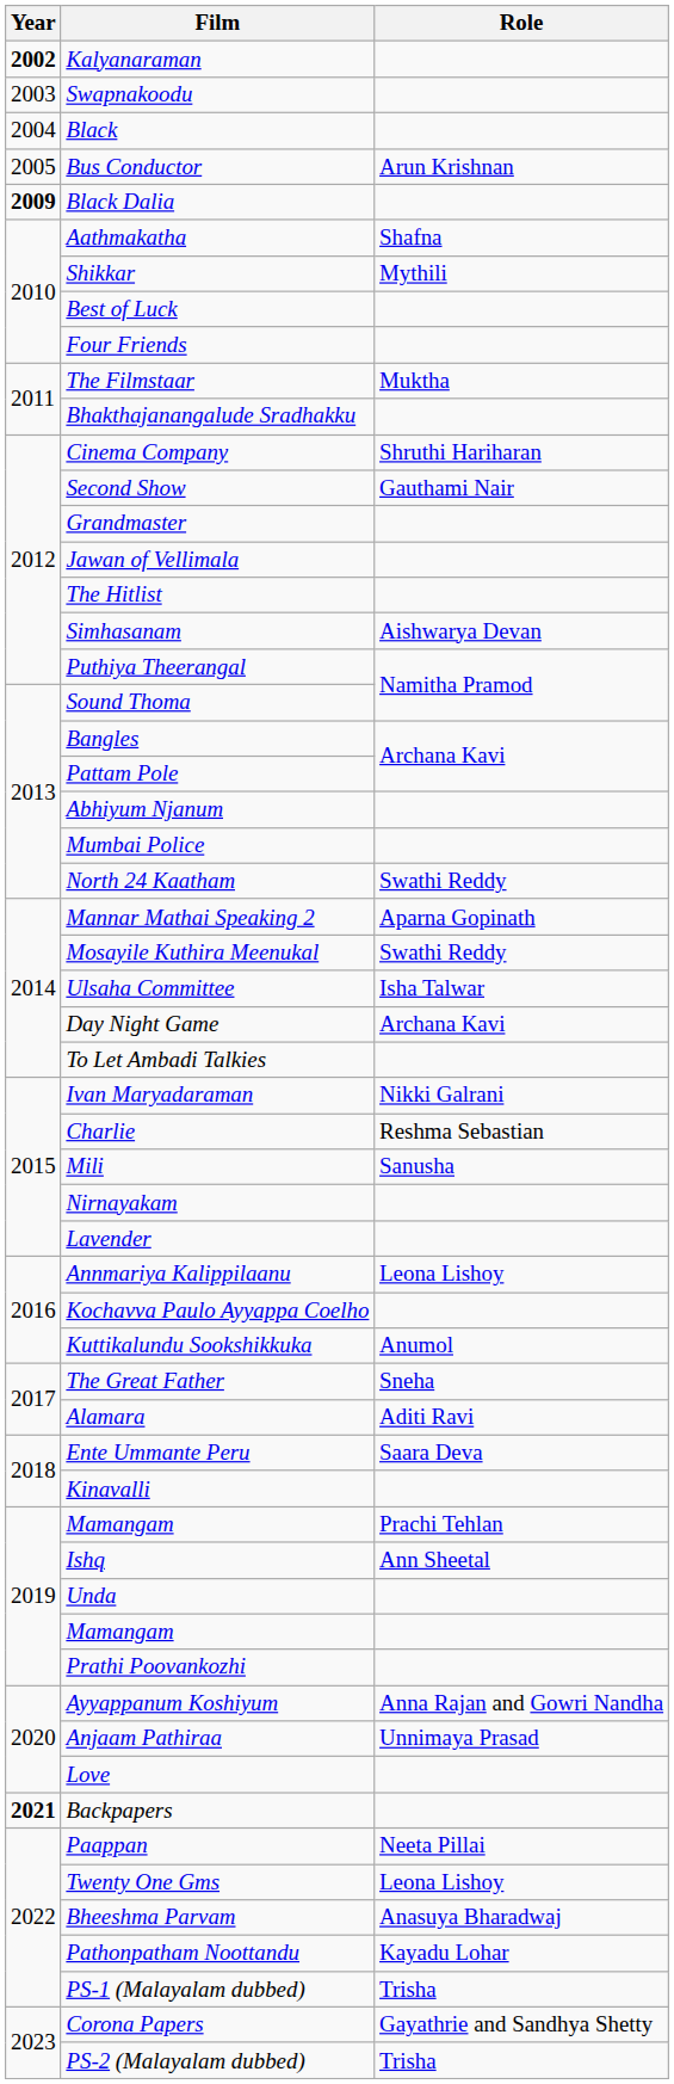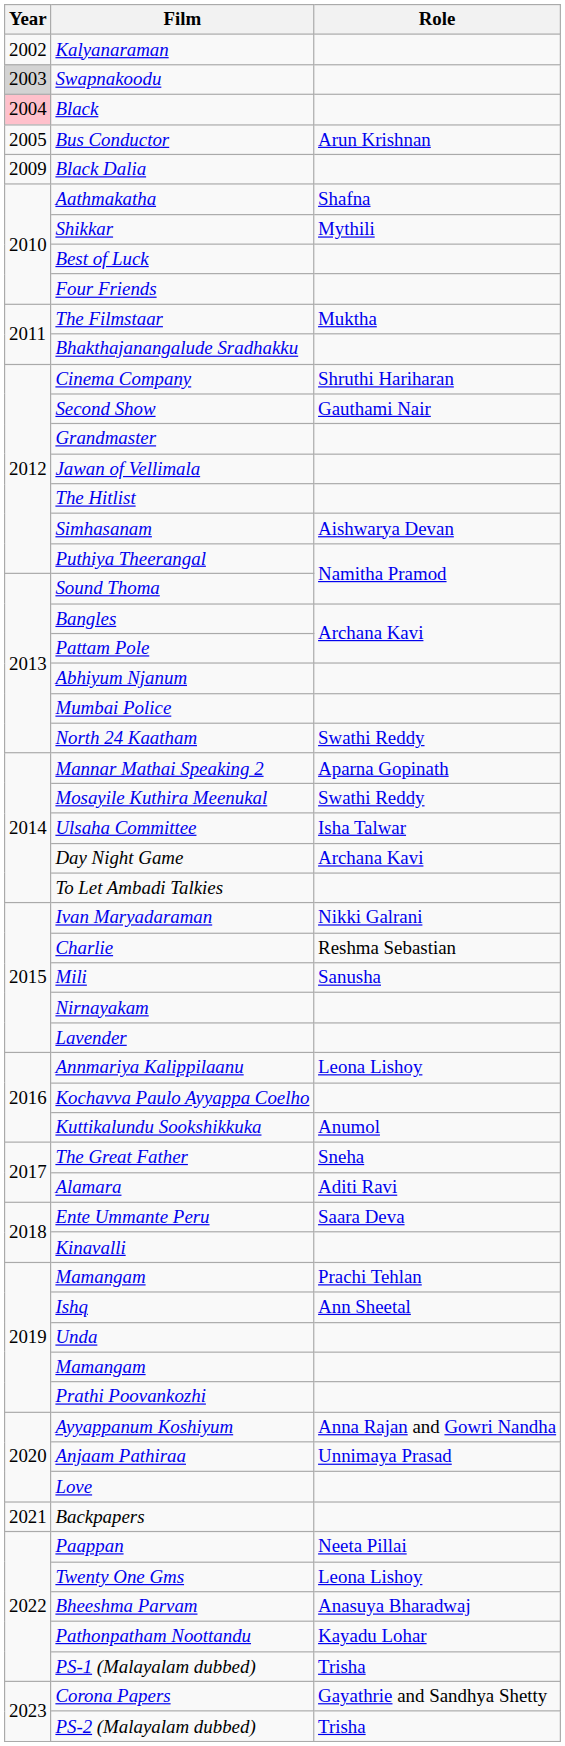 <table class="wikitable">
 <tr>
 <th>Year</th>
 <th>Film</th>
 <th>Role</th>
 </tr>
 <tr>
-<td><strong>2002</strong></td>
+<td>2002</td>
 <td><em><a href='#'>Kalyanaraman</a></em></td>
 <td></td>
 </tr>
 <tr>
-<td>2003</td>
+<td style="background: lightgrey;">2003</td>
 <td><em><a href='#'>Swapnakoodu</a></em></td>
 <td></td>
 </tr>
 <tr>
-<td>2004</td>
+<td style="background: pink;">2004</td>
 <td><em><a href='#'>Black</a></em></td>
 <td></td>
 </tr>
 <tr>
 <td>2005</td>
 <td><em><a href='#'>Bus Conductor</a></em></td>
 <td><a href='#'>Arun Krishnan</a></td>
 </tr>
 <tr>
-<td><strong>2009</strong></td>
+<td>2009</td>
 <td><em><a href='#'>Black Dalia</a></em></td>
 <td></td>
 </tr>
 <tr>
 <td rowspan=4>2010</td>
 <td><em><a href='#'>Aathmakatha</a></em></td>
 <td><a href='#'>Shafna</a></td>
 </tr>
 <tr>
 <td><em><a href='#'>Shikkar</a></em></td>
 <td><a href='#'>Mythili</a></td>
 </tr>
 <tr>
 <td><em><a href='#'>Best of Luck</a></em></td>
 <td></td>
 </tr>
 <tr>
 <td><em><a href='#'>Four Friends</a></em></td>
 <td></td>
 </tr>
 <tr>
 <td rowspan=2>2011</td>
 <td><em><a href='#'>The Filmstaar</a></em></td>
 <td><a href='#'>Muktha</a></td>
 </tr>
 <tr>
 <td><em><a href='#'>Bhakthajanangalude Sradhakku</a></em></td>
 <td></td>
 </tr>
 <tr>
 <td rowspan=7>2012</td>
 <td><em><a href='#'>Cinema Company</a></em></td>
 <td><a href='#'>Shruthi Hariharan</a></td>
 </tr>
 <tr>
 <td><em><a href='#'>Second Show</a></em></td>
 <td><a href='#'>Gauthami Nair</a></td>
 </tr>
 <tr>
 <td><em><a href='#'>Grandmaster</a></em></td>
 <td></td>
 </tr>
 <tr>
 <td><em><a href='#'>Jawan of Vellimala</a></em></td>
 <td></td>
 </tr>
 <tr>
 <td><em><a href='#'>The Hitlist</a></em></td>
 <td></td>
 </tr>
 <tr>
 <td><em><a href='#'>Simhasanam</a></em></td>
 <td><a href='#'>Aishwarya Devan</a></td>
 </tr>
 <tr>
 <td><em><a href='#'>Puthiya Theerangal</a> </em></td>
 <td rowspan='2'><a href='#'>Namitha Pramod</a></td>
 </tr>
 <tr>
 <td rowspan=6>2013</td>
 <td><em><a href='#'>Sound Thoma</a></em></td>
 </tr>
 <tr>
 <td><em><a href='#'>Bangles</a></em></td>
 <td rowspan='2'><a href='#'>Archana Kavi</a></td>
 </tr>
 <tr>
 <td><em><a href='#'>Pattam Pole</a></em></td>
 </tr>
 <tr>
 <td><em><a href='#'>Abhiyum Njanum</a></em></td>
 <td></td>
 </tr>
 <tr>
 <td><em><a href='#'>Mumbai Police</a></em></td>
 <td></td>
 </tr>
 <tr>
 <td><em><a href='#'>North 24 Kaatham</a></em></td>
 <td><a href='#'>Swathi Reddy</a></td>
 </tr>
 <tr>
 <td rowspan=5>2014</td>
 <td><em><a href='#'>Mannar Mathai Speaking 2</a></em></td>
 <td><a href='#'>Aparna Gopinath</a></td>
 </tr>
 <tr>
 <td><em><a href='#'>Mosayile Kuthira Meenukal</a></em></td>
 <td><a href='#'>Swathi Reddy</a></td>
 </tr>
 <tr>
 <td><em><a href='#'>Ulsaha Committee</a></em></td>
 <td><a href='#'>Isha Talwar</a></td>
 </tr>
 <tr>
 <td><em>Day Night Game</em></td>
 <td><a href='#'>Archana Kavi</a></td>
 </tr>
 <tr>
 <td><em>To Let Ambadi Talkies</em></td>
 <td></td>
 </tr>
 <tr>
 <td rowspan=5>2015</td>
 <td><em><a href='#'>Ivan Maryadaraman</a></em></td>
 <td><a href='#'>Nikki Galrani</a></td>
 </tr>
 <tr>
 <td><em><a href='#'>Charlie</a></em></td>
 <td>Reshma Sebastian</td>
 </tr>
 <tr>
 <td><em><a href='#'>Mili</a></em></td>
 <td><a href='#'>Sanusha</a></td>
 </tr>
 <tr>
 <td><em><a href='#'>Nirnayakam</a></em></td>
 <td></td>
 </tr>
 <tr>
 <td><em><a href='#'>Lavender</a></em></td>
 <td></td>
 </tr>
 <tr>
 <td rowspan=3>2016</td>
 <td><em><a href='#'>Annmariya Kalippilaanu</a></em></td>
 <td><a href='#'>Leona Lishoy</a></td>
 </tr>
 <tr>
 <td><em><a href='#'>Kochavva Paulo Ayyappa Coelho</a></em></td>
 <td></td>
 </tr>
 <tr>
 <td><em><a href='#'>Kuttikalundu Sookshikkuka</a></em></td>
 <td><a href='#'>Anumol</a></td>
 </tr>
 <tr>
 <td rowspan=2>2017</td>
 <td><em><a href='#'>The Great Father</a></em></td>
 <td><a href='#'>Sneha</a></td>
 </tr>
 <tr>
 <td><em><a href='#'>Alamara</a></em></td>
 <td><a href='#'>Aditi Ravi</a></td>
 </tr>
 <tr>
 <td rowspan=2>2018</td>
 <td><em><a href='#'>Ente Ummante Peru</a></em></td>
 <td><a href='#'>Saara Deva</a></td>
 </tr>
 <tr>
 <td><em><a href='#'>Kinavalli</a></em></td>
 <td></td>
 </tr>
 <tr>
 <td rowspan=5>2019</td>
 <td><em><a href='#'>Mamangam</a></em></td>
 <td><a href='#'>Prachi Tehlan</a></td>
 </tr>
 <tr>
 <td><em><a href='#'>Ishq</a></em></td>
 <td><a href='#'>Ann Sheetal</a></td>
 </tr>
 <tr>
 <td><em><a href='#'>Unda</a></em></td>
 <td></td>
 </tr>
 <tr>
 <td><em><a href='#'>Mamangam</a></em></td>
 <td></td>
 </tr>
 <tr>
 <td><em><a href='#'>Prathi Poovankozhi</a></em></td>
 <td></td>
 </tr>
 <tr>
 <td rowspan=3>2020</td>
 <td><em><a href='#'>Ayyappanum Koshiyum</a></em></td>
 <td><a href='#'>Anna Rajan</a> and <a href='#'>Gowri Nandha</a></td>
 </tr>
 <tr>
 <td><em><a href='#'>Anjaam Pathiraa</a></em></td>
 <td><a href='#'>Unnimaya Prasad</a></td>
 </tr>
 <tr>
 <td><em><a href='#'>Love</a></em></td>
 <td></td>
 </tr>
 <tr>
-<td><strong>2021</strong></td>
+<td>2021</td>
 <td><em>Backpapers</em></td>
 <td></td>
 </tr>
 <tr>
 <td rowspan=5>2022</td>
 <td><em><a href='#'>Paappan</a></em></td>
 <td><a href='#'>Neeta Pillai</a></td>
 </tr>
 <tr>
 <td><em><a href='#'>Twenty One Gms</a></em></td>
 <td><a href='#'>Leona Lishoy</a></td>
 </tr>
 <tr>
 <td><em><a href='#'>Bheeshma Parvam</a></em></td>
 <td><a href='#'>Anasuya Bharadwaj </a></td>
 </tr>
 <tr>
 <td><em><a href='#'>Pathonpatham Noottandu</a></em></td>
 <td><a href='#'>Kayadu Lohar</a></td>
 </tr>
 <tr>
 <td><em><a href='#'>PS-1</a> (Malayalam dubbed)</em></td>
 <td><a href='#'>Trisha</a></td>
 </tr>
 <tr>
 <td rowspan="3">2023</td>
 <td><em><a href='#'>Corona Papers</a></em></td>
 <td><a href='#'>Gayathrie</a> and Sandhya Shetty</td>
 </tr>
 <tr>
 <td><em><a href='#'>PS-2</a> (Malayalam dubbed)</em></td>
 <td><a href='#'>Trisha</a></td>
 </tr>
 <tr>
 </tr>
 </table>
